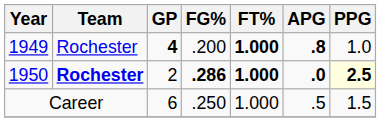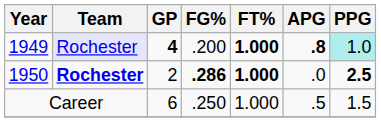 <table class="wikitable sortable" style="font-size:95%; text-align:right;">
 <tr>
 <th>Year</th>
 <th>Team</th>
 <th>GP</th>
 <th>FG%</th>
 <th>FT%</th>
 <th>APG</th>
 <th>PPG</th>
 </tr>
 <tr>
 <td style="text-align:left;"><a href='#'>1949</a></td>
-<td style="text-align:left;"><a href='#'>Rochester</a></td>
+<td style="background: lavender; text-align:left;"><a href='#'>Rochester</a></td>
 <td><strong>4</strong></td>
 <td>.200</td>
 <td><strong>1.000</strong></td>
 <td><strong>.8</strong></td>
-<td>1.0</td>
+<td style="background: paleturquoise;">1.0</td>
 </tr>
 <tr>
 <td style="text-align:left;"><a href='#'>1950</a></td>
 <td style="text-align:left;"><strong><a href='#'>Rochester</a></strong></td>
 <td>2</td>
 <td><strong>.286</strong></td>
 <td><strong>1.000</strong></td>
-<td><strong>.0</strong></td>
-<td style="background: lightyellow;"><strong>2.5</strong></td>
+<td>.0</td>
+<td><strong>2.5</strong></td>
 </tr>
 <tr>
 <td style="text-align:center;" colspan="2">Career</td>
 <td>6</td>
 <td>.250</td>
 <td>1.000</td>
 <td>.5</td>
 <td>1.5</td>
 </tr>
 <tr>
 </tr>
 </table>
